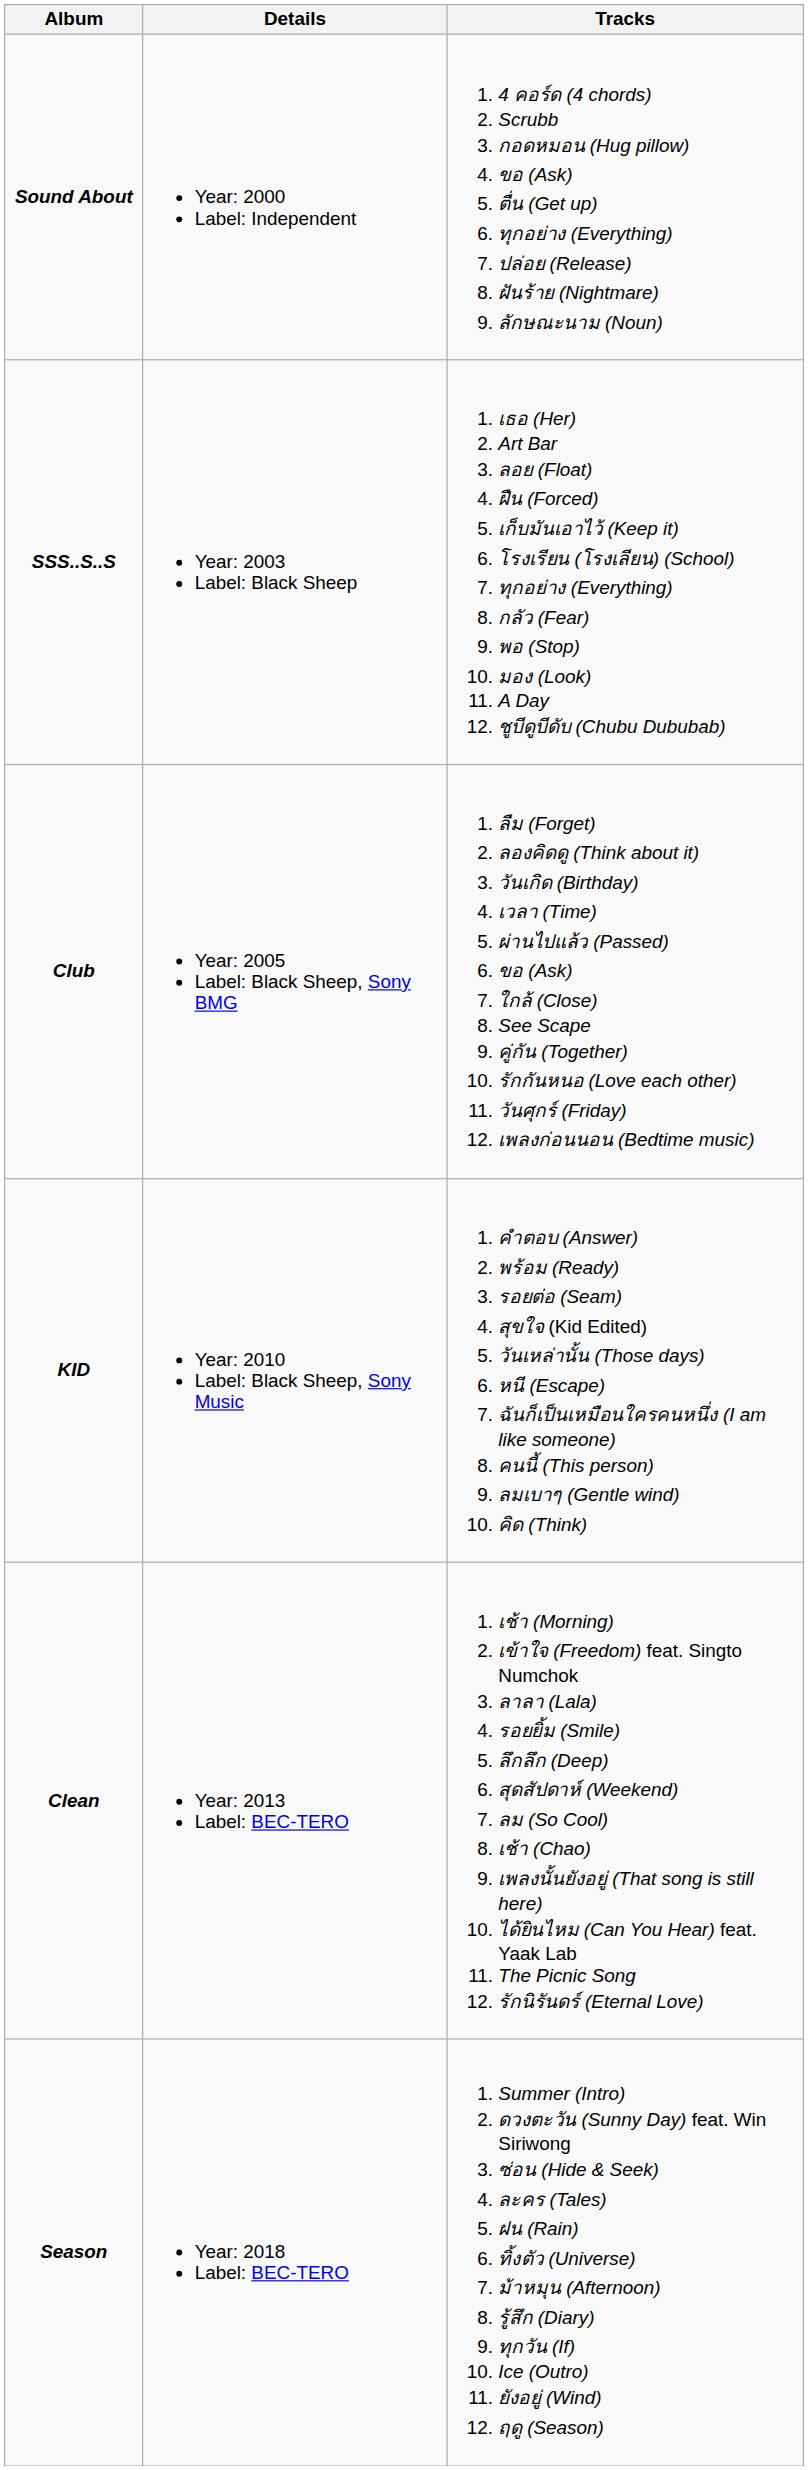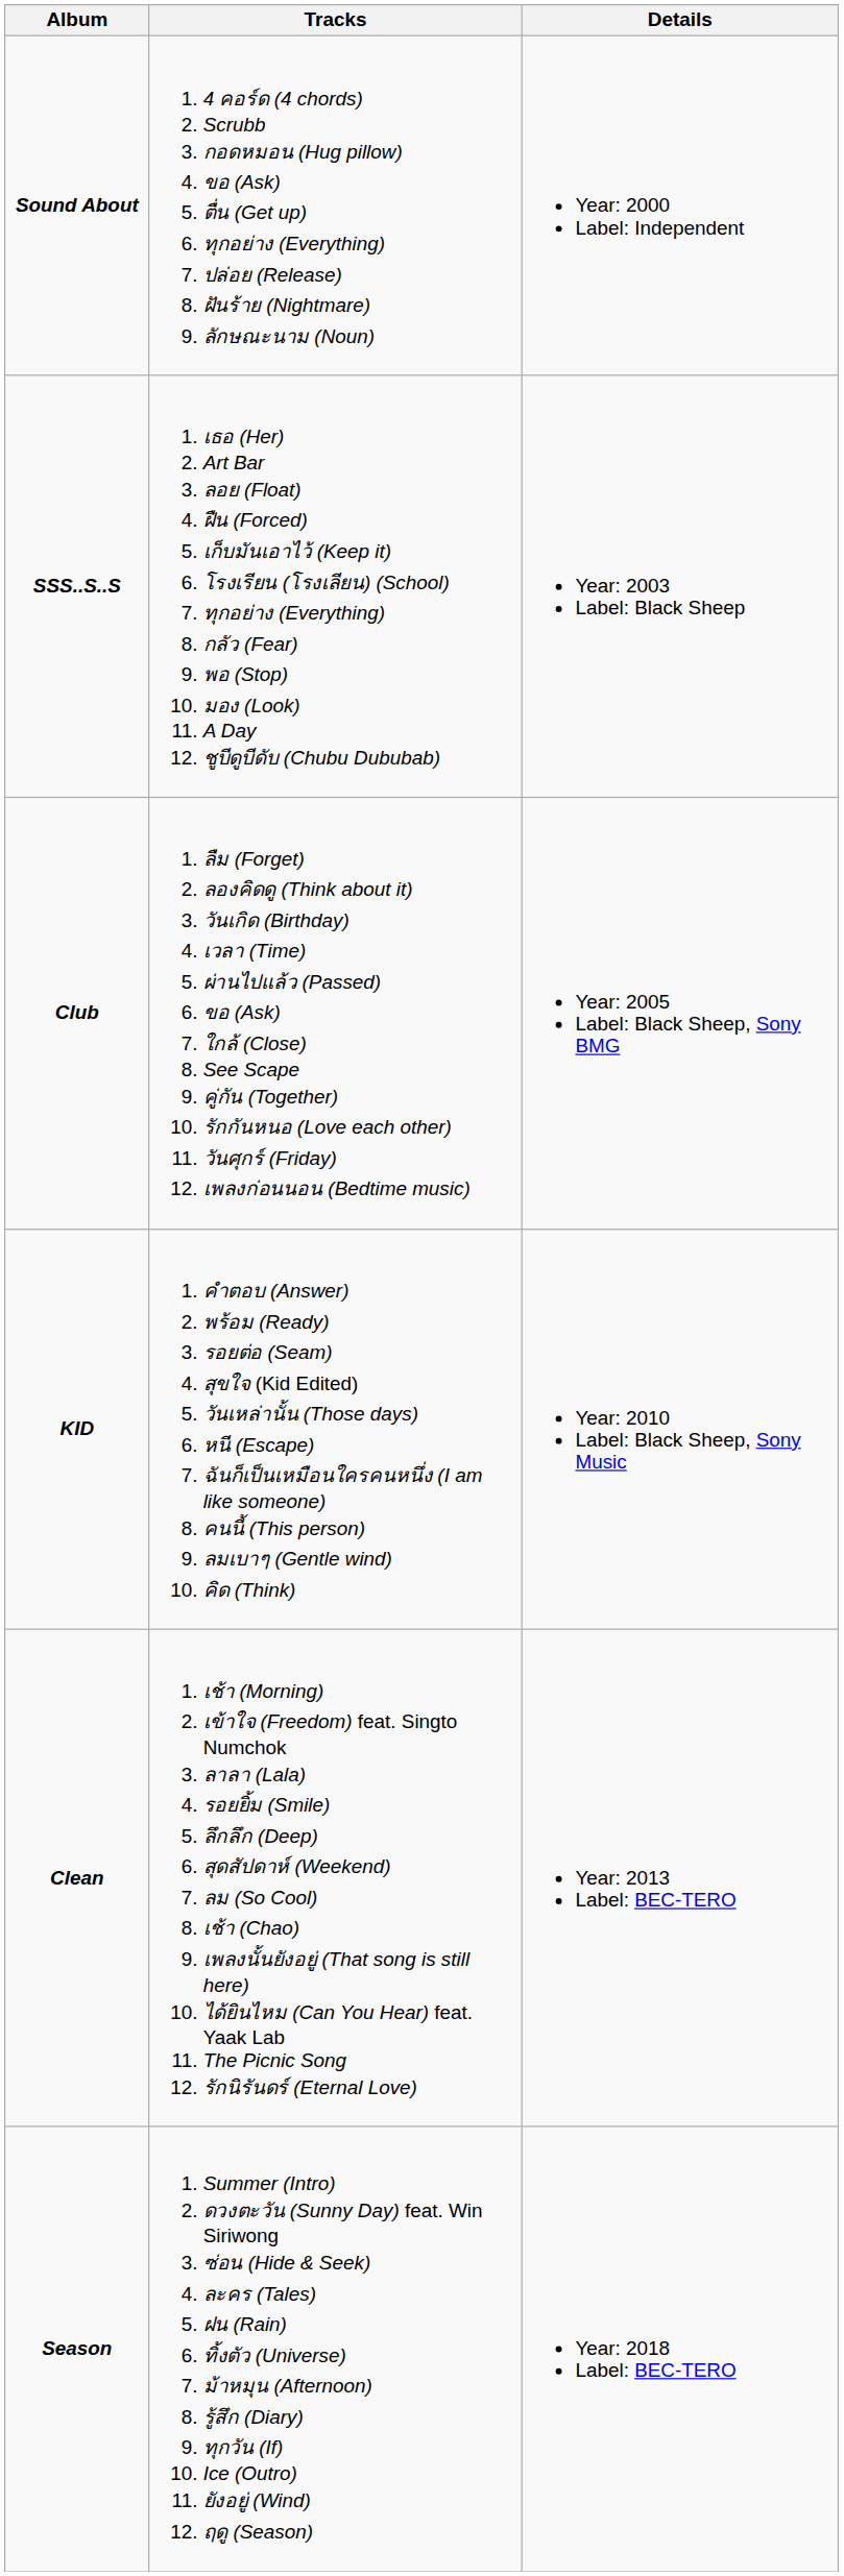 <table class="wikitable">
 <tr>
 <th width="110px">Album</th>
+<th width="295px">Tracks</th>
 <th width="250px">Details</th>
-<th width="295px">Tracks</th>
 </tr>
 <tr>
 <td align="center"><strong><em>Sound About</em></strong></td>
+<td><br><ol><li><em>4 คอร์ด (4 chords)</em></li><li><em>Scrubb</em></li><li><em>กอดหมอน (Hug pillow)</em></li><li><em>ขอ (Ask)</em></li><li><em>ตื่น (Get up)</em></li><li><em>ทุกอย่าง (Everything)</em></li><li><em>ปล่อย (Release)</em></li><li><em>ฝันร้าย (Nightmare)</em></li><li><em>ลักษณะนาม (Noun)</em></li></ol></td>
 <td><br><ul><li>Year: 2000</li><li>Label: Independent</li></ul></td>
-<td><br><ol><li><em>4 คอร์ด (4 chords)</em></li><li><em>Scrubb</em></li><li><em>กอดหมอน (Hug pillow)</em></li><li><em>ขอ (Ask)</em></li><li><em>ตื่น (Get up)</em></li><li><em>ทุกอย่าง (Everything)</em></li><li><em>ปล่อย (Release)</em></li><li><em>ฝันร้าย (Nightmare)</em></li><li><em>ลักษณะนาม (Noun)</em></li></ol></td>
 </tr>
 <tr>
 <td align="center"><strong><em>SSS..S..S</em></strong></td>
+<td><br><ol><li><em>เธอ (Her)</em></li><li><em>Art Bar</em></li><li><em>ลอย (Float)</em></li><li><em>ฝืน (Forced)</em></li><li><em>เก็บมันเอาไว้ (Keep it)</em></li><li><em>โรงเรียน (โรงเลียน) (School)</em></li><li><em>ทุกอย่าง (Everything)</em></li><li><em>กลัว (Fear)</em></li><li><em>พอ (Stop)</em></li><li><em>มอง (Look)</em></li><li><em>A Day</em></li><li><em>ชูบีดูบีดับ (Chubu Dububab)</em></li></ol></td>
 <td><br><ul><li>Year: 2003</li><li>Label: Black Sheep</li></ul></td>
-<td><br><ol><li><em>เธอ (Her)</em></li><li><em>Art Bar</em></li><li><em>ลอย (Float)</em></li><li><em>ฝืน (Forced)</em></li><li><em>เก็บมันเอาไว้ (Keep it)</em></li><li><em>โรงเรียน (โรงเลียน) (School)</em></li><li><em>ทุกอย่าง (Everything)</em></li><li><em>กลัว (Fear)</em></li><li><em>พอ (Stop)</em></li><li><em>มอง (Look)</em></li><li><em>A Day</em></li><li><em>ชูบีดูบีดับ (Chubu Dububab)</em></li></ol></td>
 </tr>
 <tr>
 <td align="center"><strong><em>Club</em></strong></td>
+<td><br><ol><li><em>ลืม (Forget)</em></li><li><em>ลองคิดดู (Think about it)</em></li><li><em>วันเกิด (Birthday)</em></li><li><em>เวลา (Time)</em></li><li><em>ผ่านไปแล้ว (Passed)</em></li><li><em>ขอ (Ask)</em></li><li><em>ใกล้ (Close)</em></li><li><em>See Scape</em></li><li><em>คู่กัน (Together)</em></li><li><em>รักกันหนอ (Love each other)</em></li><li><em>วันศุกร์ (Friday)</em></li><li><em>เพลงก่อนนอน (Bedtime music)</em></li></ol></td>
 <td><br><ul><li>Year: 2005</li><li>Label: Black Sheep, <a href='#'>Sony BMG</a></li></ul></td>
-<td><br><ol><li><em>ลืม (Forget)</em></li><li><em>ลองคิดดู (Think about it)</em></li><li><em>วันเกิด (Birthday)</em></li><li><em>เวลา (Time)</em></li><li><em>ผ่านไปแล้ว (Passed)</em></li><li><em>ขอ (Ask)</em></li><li><em>ใกล้ (Close)</em></li><li><em>See Scape</em></li><li><em>คู่กัน (Together)</em></li><li><em>รักกันหนอ (Love each other)</em></li><li><em>วันศุกร์ (Friday)</em></li><li><em>เพลงก่อนนอน (Bedtime music)</em></li></ol></td>
 </tr>
 <tr>
 <td align="center"><strong><em>KID</em></strong></td>
+<td><br><ol><li><em>คำตอบ (Answer)</em></li><li><em>พร้อม (Ready)</em></li><li><em>รอยต่อ (Seam)</em></li><li><em>สุขใจ</em> (Kid Edited)</li><li><em>วันเหล่านั้น (Those days)</em></li><li><em>หนี (Escape)</em></li><li><em>ฉันก็เป็นเหมือนใครคนหนึ่ง (I am like someone)</em></li><li><em>คนนี้ (This person)</em></li><li><em>ลมเบาๆ (Gentle wind)</em></li><li><em>คิด (Think)</em></li></ol></td>
 <td><br><ul><li>Year: 2010</li><li>Label: Black Sheep, <a href='#'>Sony Music</a></li></ul></td>
-<td><br><ol><li><em>คำตอบ (Answer)</em></li><li><em>พร้อม (Ready)</em></li><li><em>รอยต่อ (Seam)</em></li><li><em>สุขใจ</em> (Kid Edited)</li><li><em>วันเหล่านั้น (Those days)</em></li><li><em>หนี (Escape)</em></li><li><em>ฉันก็เป็นเหมือนใครคนหนึ่ง (I am like someone)</em></li><li><em>คนนี้ (This person)</em></li><li><em>ลมเบาๆ (Gentle wind)</em></li><li><em>คิด (Think)</em></li></ol></td>
 </tr>
 <tr>
 <td align="center"><strong><em>Clean</em></strong></td>
+<td><br><ol><li><em>เช้า (Morning)</em></li><li><em>เข้าใจ (Freedom)</em> feat. Singto Numchok</li><li><em>ลาลา (Lala)</em></li><li><em>รอยยิ้ม (Smile)</em></li><li><em>ลึกลึก (Deep)</em></li><li><em>สุดสัปดาห์ (Weekend)</em></li><li><em>ลม (So Cool)</em></li><li><em>เช้า (Chao)</em></li><li><em>เพลงนั้นยังอยู่ (That song is still here)</em></li><li><em>ได้ยินไหม (Can You Hear)</em> feat. Yaak Lab</li><li><em>The Picnic Song</em></li><li><em>รักนิรันดร์ (Eternal Love)</em></li></ol></td>
 <td><br><ul><li>Year: 2013</li><li>Label: <a href='#'>BEC-TERO</a></li></ul></td>
-<td><br><ol><li><em>เช้า (Morning)</em></li><li><em>เข้าใจ (Freedom)</em> feat. Singto Numchok</li><li><em>ลาลา (Lala)</em></li><li><em>รอยยิ้ม (Smile)</em></li><li><em>ลึกลึก (Deep)</em></li><li><em>สุดสัปดาห์ (Weekend)</em></li><li><em>ลม (So Cool)</em></li><li><em>เช้า (Chao)</em></li><li><em>เพลงนั้นยังอยู่ (That song is still here)</em></li><li><em>ได้ยินไหม (Can You Hear)</em> feat. Yaak Lab</li><li><em>The Picnic Song</em></li><li><em>รักนิรันดร์ (Eternal Love)</em></li></ol></td>
 </tr>
 <tr>
 <td align="center"><strong><em>Season</em></strong></td>
+<td><br><ol><li><em>Summer (Intro)</em></li><li><em>ดวงตะวัน (Sunny Day)</em> feat. Win Siriwong</li><li><em>ซ่อน (Hide & Seek)</em></li><li><em>ละคร (Tales)</em></li><li><em>ฝน (Rain)</em></li><li><em>ทิ้งตัว (Universe)</em></li><li><em>ม้าหมุน (Afternoon)</em></li><li><em>รู้สึก (Diary)</em></li><li><em>ทุกวัน (If)</em></li><li><em>Ice (Outro)</em></li><li><em>ยังอยู่ (Wind)</em></li><li><em>ฤดู (Season)</em></li></ol></td>
 <td><br><ul><li>Year: 2018</li><li>Label: <a href='#'>BEC-TERO</a></li></ul></td>
-<td><br><ol><li><em>Summer (Intro)</em></li><li><em>ดวงตะวัน (Sunny Day)</em> feat. Win Siriwong</li><li><em>ซ่อน (Hide & Seek)</em></li><li><em>ละคร (Tales)</em></li><li><em>ฝน (Rain)</em></li><li><em>ทิ้งตัว (Universe)</em></li><li><em>ม้าหมุน (Afternoon)</em></li><li><em>รู้สึก (Diary)</em></li><li><em>ทุกวัน (If)</em></li><li><em>Ice (Outro)</em></li><li><em>ยังอยู่ (Wind)</em></li><li><em>ฤดู (Season)</em></li></ol></td>
 </tr>
 </table>
